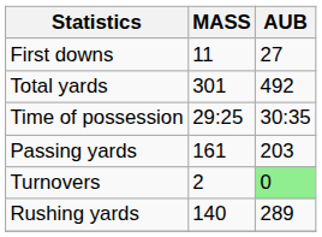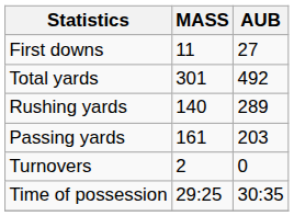 <table class="wikitable" style="float: left;">
 <tr>
 <th>Statistics</th>
 <th>MASS</th>
 <th>AUB</th>
 </tr>
 <tr>
 <td>First downs</td>
 <td>11</td>
 <td>27</td>
 </tr>
 <tr>
 <td>Total yards</td>
 <td>301</td>
 <td>492</td>
 </tr>
 <tr>
-<td>Time of possession</td>
-<td>29:25</td>
-<td>30:35</td>
+<td>Rushing yards</td>
+<td>140</td>
+<td>289</td>
 </tr>
 <tr>
 <td>Passing yards</td>
 <td>161</td>
 <td>203</td>
 </tr>
 <tr>
 <td>Turnovers</td>
 <td>2</td>
-<td style="background: lightgreen;">0</td>
+<td>0</td>
 </tr>
 <tr>
-<td>Rushing yards</td>
-<td>140</td>
-<td>289</td>
+<td>Time of possession</td>
+<td>29:25</td>
+<td>30:35</td>
 </tr>
 <tr>
 </tr>
 </table>
